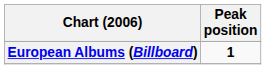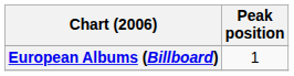 <table class="wikitable sortable plainrowheaders" style="text-align:center">
 <tr>
 <th scope="col">Chart (2006)</th>
 <th scope="col">Peak<br> position</th>
 </tr>
 <tr>
 </tr>
 <tr>
 </tr>
 <tr>
 </tr>
 <tr>
 </tr>
 <tr>
 </tr>
 <tr>
 </tr>
 <tr>
 </tr>
 <tr>
 <th scope="row"><a href='#'>European Albums</a> (<em><a href='#'>Billboard</a></em>)</th>
-<td><strong>1</strong></td>
+<td>1</td>
 </tr>
 <tr>
 </tr>
 <tr>
 </tr>
 <tr>
 </tr>
 <tr>
 </tr>
 <tr>
 </tr>
 <tr>
 </tr>
 <tr>
 </tr>
 <tr>
 </tr>
 <tr>
 </tr>
 <tr>
 </tr>
 <tr>
 </tr>
 <tr>
 </tr>
 <tr>
 </tr>
 <tr>
 </tr>
 <tr>
 </tr>
 <tr>
 </tr>
 </table>
